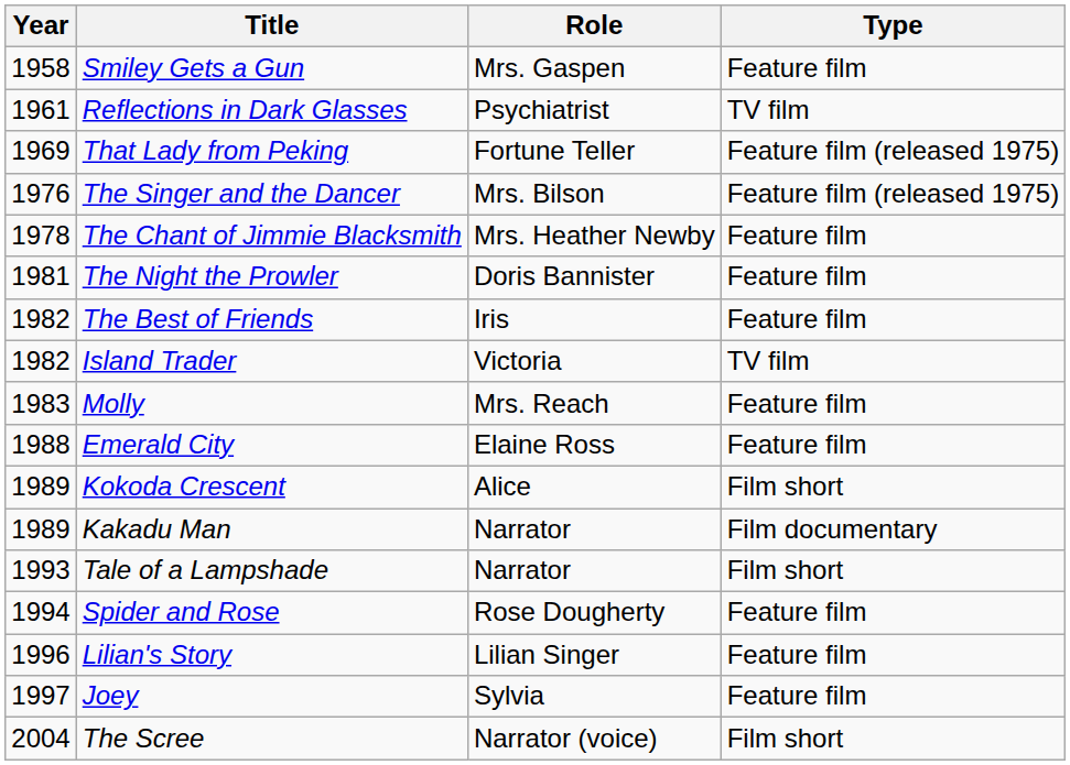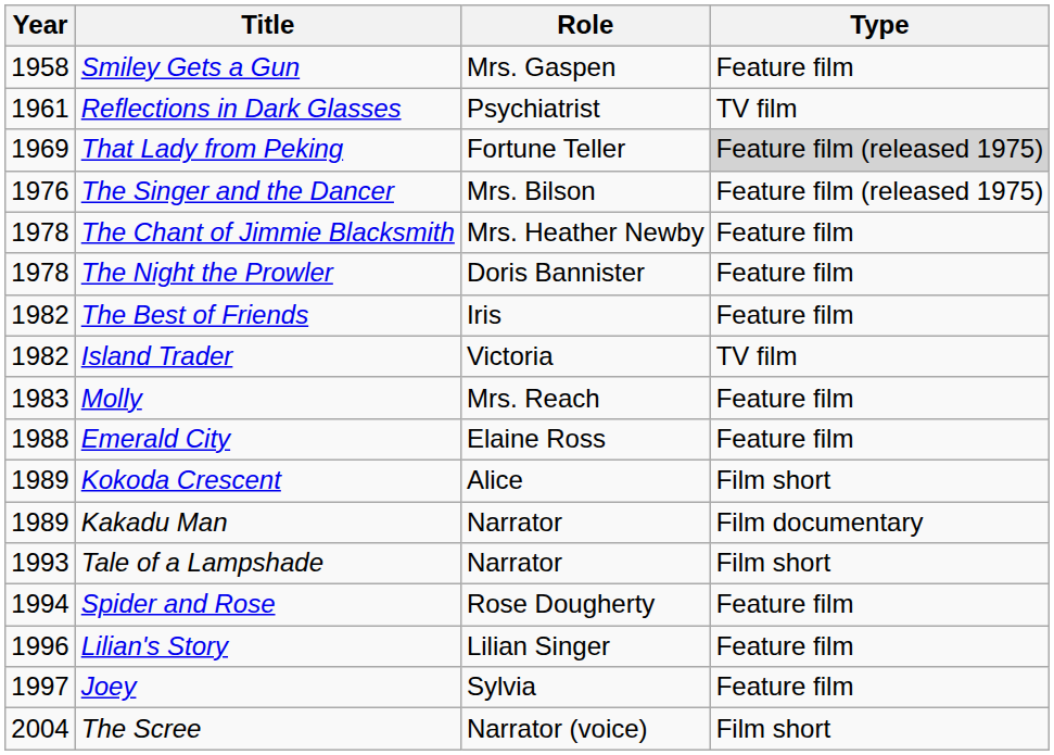 <table class="wikitable">
 <tr>
 <th>Year</th>
 <th>Title</th>
 <th>Role</th>
 <th>Type</th>
 </tr>
 <tr>
 <td>1958</td>
 <td><em><a href='#'>Smiley Gets a Gun</a></em></td>
 <td>Mrs. Gaspen</td>
 <td>Feature film</td>
 </tr>
 <tr>
 <td>1961</td>
 <td><em><a href='#'>Reflections in Dark Glasses</a></em></td>
 <td>Psychiatrist</td>
 <td>TV film</td>
 </tr>
 <tr>
 <td>1969</td>
 <td><em><a href='#'>That Lady from Peking</a></em></td>
 <td>Fortune Teller</td>
-<td>Feature film (released 1975)</td>
+<td style="background: lightgrey;">Feature film (released 1975)</td>
 </tr>
 <tr>
 <td>1976</td>
 <td><em><a href='#'>The Singer and the Dancer</a></em></td>
 <td>Mrs. Bilson</td>
 <td>Feature film (released 1975)</td>
 </tr>
 <tr>
 <td>1978</td>
 <td><em><a href='#'>The Chant of Jimmie Blacksmith</a></em></td>
 <td>Mrs. Heather Newby</td>
 <td>Feature film</td>
 </tr>
 <tr>
-<td>1981</td>
+<td>1978</td>
 <td><em><a href='#'>The Night the Prowler</a></em></td>
 <td>Doris Bannister</td>
 <td>Feature film</td>
 </tr>
 <tr>
 <td>1982</td>
 <td><em><a href='#'>The Best of Friends</a></em></td>
 <td>Iris</td>
 <td>Feature film</td>
 </tr>
 <tr>
 <td>1982</td>
 <td><em><a href='#'>Island Trader</a></em></td>
 <td>Victoria</td>
 <td>TV film</td>
 </tr>
 <tr>
 <td>1983</td>
 <td><em><a href='#'>Molly</a></em></td>
 <td>Mrs. Reach</td>
 <td>Feature film</td>
 </tr>
 <tr>
 <td>1988</td>
 <td><em><a href='#'>Emerald City</a></em></td>
 <td>Elaine Ross</td>
 <td>Feature film</td>
 </tr>
 <tr>
 <td>1989</td>
 <td><em><a href='#'>Kokoda Crescent</a></em></td>
 <td>Alice</td>
 <td>Film short</td>
 </tr>
 <tr>
 <td>1989</td>
 <td><em>Kakadu Man</em></td>
 <td>Narrator</td>
 <td>Film documentary</td>
 </tr>
 <tr>
 <td>1993</td>
 <td><em>Tale of a Lampshade</em></td>
 <td>Narrator</td>
 <td>Film short</td>
 </tr>
 <tr>
 <td>1994</td>
 <td><em><a href='#'>Spider and Rose</a></em></td>
 <td>Rose Dougherty</td>
 <td>Feature film</td>
 </tr>
 <tr>
 <td>1996</td>
 <td><em><a href='#'>Lilian's Story</a></em></td>
 <td>Lilian Singer</td>
 <td>Feature film</td>
 </tr>
 <tr>
 <td>1997</td>
 <td><em><a href='#'>Joey</a></em></td>
 <td>Sylvia</td>
 <td>Feature film</td>
 </tr>
 <tr>
 <td>2004</td>
 <td><em>The Scree</em></td>
 <td>Narrator (voice)</td>
 <td>Film short</td>
 </tr>
 </table>
